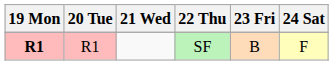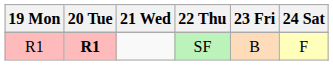 <table class="wikitable" style="margin:0.5em auto; font-size:90%; line-height:1.25em;">
 <tr align="center">
 <th>19 Mon</th>
 <th>20 Tue</th>
 <th>21 Wed</th>
 <th>22 Thu</th>
 <th>23 Fri</th>
 <th>24 Sat</th>
 </tr>
 <tr>
 </tr>
 <tr align="center">
+<td bgcolor="#FFBBBB">R1</td>
 <td bgcolor="#FFBBBB"><strong>R1</strong></td>
-<td bgcolor="#FFBBBB">R1</td>
 <td></td>
 <td bgcolor="#BBF3BB">SF</td>
 <td bgcolor="#FEDCBA">B</td>
 <td bgcolor="#FFFFBB">F</td>
 </tr>
 </table>
